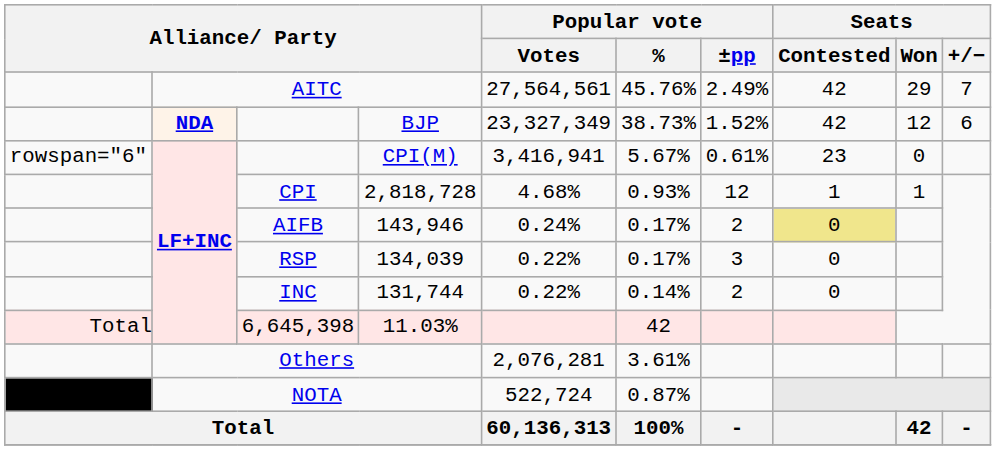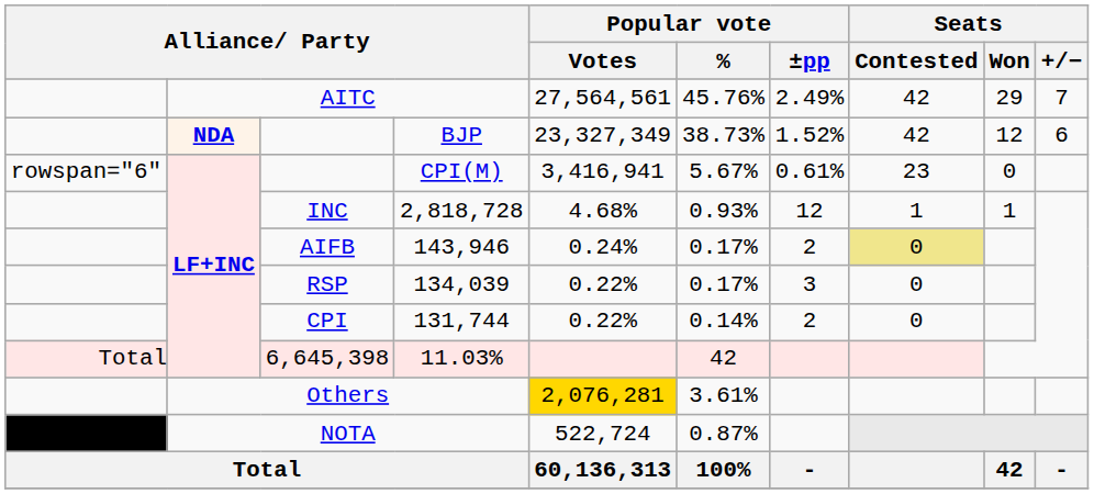 <table class="wikitable sortable" style="text-align:center;">
 <tr>
 <th colspan="4" rowspan="2">Alliance/ Party</th>
 <th colspan="3">Popular vote</th>
 <th colspan="3">Seats</th>
 </tr>
 <tr>
 <th>Votes</th>
 <th>%</th>
 <th>±<a href='#'>pp</a></th>
 <th>Contested</th>
 <th>Won</th>
 <th><strong>+/−</strong></th>
 </tr>
 <tr>
 <td></td>
 <td colspan="3"><a href='#'>AITC</a></td>
 <td>27,564,561</td>
 <td>45.76%</td>
 <td> 2.49%</td>
 <td>42</td>
 <td>29</td>
 <td> 7</td>
 </tr>
 <tr>
 <td></td>
 <th style="background:#fef3e8"><a href='#'>NDA</a></th>
 <td></td>
 <td><a href='#'>BJP</a></td>
 <td>23,327,349</td>
 <td>38.73%</td>
 <td> 1.52%</td>
 <td>42</td>
 <td>12</td>
 <td> 6</td>
 </tr>
 <tr>
 <td>rowspan="6" </td>
 <th rowspan="6"style="background:#FFE6E6"><a href='#'>LF+INC</a></th>
 <td></td>
 <td><a href='#'>CPI(M)</a></td>
 <td>3,416,941</td>
 <td>5.67%</td>
 <td> 0.61%</td>
 <td>23</td>
 <td>0</td>
 <td></td>
 </tr>
 <tr>
 <td></td>
-<td><a href='#'>CPI</a></td>
+<td><a href='#'>INC</a></td>
 <td>2,818,728</td>
 <td>4.68%</td>
 <td> 0.93%</td>
 <td>12</td>
 <td>1</td>
 <td> 1</td>
 </tr>
 <tr>
 <td></td>
 <td><a href='#'>AIFB</a></td>
 <td>143,946</td>
 <td>0.24%</td>
 <td> 0.17%</td>
 <td>2</td>
 <td style="background: khaki;">0</td>
 <td></td>
 </tr>
 <tr>
 <td></td>
 <td><a href='#'>RSP</a></td>
 <td>134,039</td>
 <td>0.22%</td>
 <td> 0.17%</td>
 <td>3</td>
 <td>0</td>
 <td></td>
 </tr>
 <tr>
 <td></td>
-<td><a href='#'>INC</a></td>
+<td><a href='#'>CPI</a></td>
 <td>131,744</td>
 <td>0.22%</td>
 <td> 0.14%</td>
 <td>2</td>
 <td>0</td>
 <td></td>
 </tr>
 <tr>
 <td colspan="2"style="background:#FFE6E6">Total</td>
 <td style="background:#FFE6E6">6,645,398</td>
 <td style="background:#FFE6E6">11.03%</td>
 <td style="background:#FFE6E6"></td>
 <td style="background:#FFE6E6">42</td>
 <td style="background:#FFE6E6"></td>
 <td style="background:#FFE6E6"></td>
 </tr>
 <tr>
 <td></td>
 <td colspan="3"><a href='#'>Others</a></td>
-<td>2,076,281</td>
+<td style="background: gold;">2,076,281</td>
 <td>3.61%</td>
 <td></td>
 <td></td>
 <td></td>
 <td></td>
 </tr>
 <tr>
 <td bgcolor="Black"></td>
 <td colspan="3"><a href='#'>NOTA</a></td>
 <td>522,724</td>
 <td>0.87%</td>
 <td></td>
 <th colspan="3" style="background-color:#E9E9E9"></th>
 </tr>
 <tr>
 <th colspan="4">Total</th>
 <th>60,136,313</th>
 <th>100%</th>
 <th>-</th>
 <th></th>
 <th>42</th>
 <th>-</th>
 </tr>
 <tr>
 </tr>
 </table>
